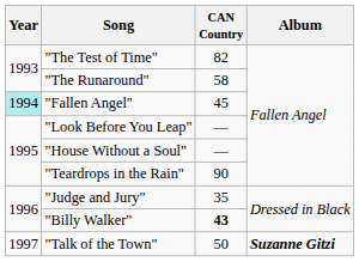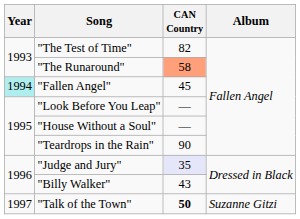 <table class="wikitable">
 <tr>
 <th>Year</th>
 <th>Song</th>
 <th width=45><small>CAN Country</small></th>
 <th>Album</th>
 </tr>
 <tr>
 <td rowspan=2>1993</td>
 <td>"The Test of Time"</td>
 <td align="center">82</td>
 <td rowspan=6><em>Fallen Angel</em></td>
 </tr>
 <tr>
 <td>"The Runaround"</td>
-<td align="center">58</td>
+<td align="center" style="background: lightsalmon;">58</td>
 </tr>
 <tr>
 <td style="background: paleturquoise;">1994</td>
 <td>"Fallen Angel"</td>
 <td align="center">45</td>
 </tr>
 <tr>
 <td rowspan=3>1995</td>
 <td>"Look Before You Leap"</td>
 <td align="center">—</td>
 </tr>
 <tr>
 <td>"House Without a Soul"</td>
 <td align="center">—</td>
 </tr>
 <tr>
 <td>"Teardrops in the Rain"</td>
 <td align="center">90</td>
 </tr>
 <tr>
 <td rowspan=2>1996</td>
 <td>"Judge and Jury"</td>
-<td align="center">35</td>
+<td align="center" style="background: lavender;">35</td>
 <td rowspan=2><em>Dressed in Black</em></td>
 </tr>
 <tr>
 <td>"Billy Walker"</td>
-<td align="center"><strong>43</strong></td>
+<td align="center">43</td>
 </tr>
 <tr>
 <td>1997</td>
 <td>"Talk of the Town"</td>
-<td align="center">50</td>
-<td><strong><em>Suzanne Gitzi</em></strong></td>
+<td align="center"><strong>50</strong></td>
+<td><em>Suzanne Gitzi</em></td>
 </tr>
 </table>
